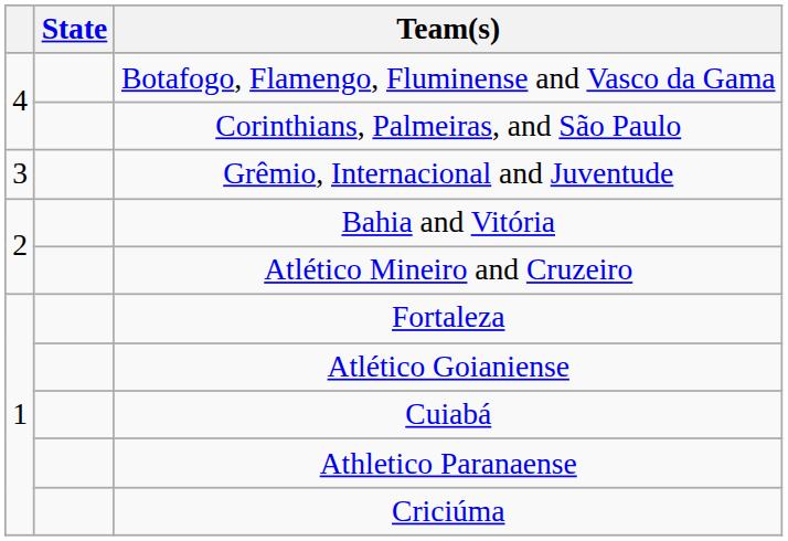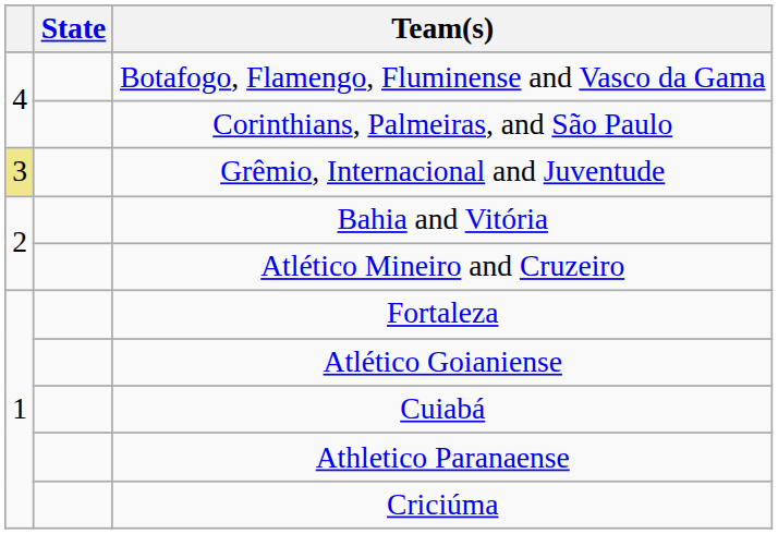 <table class="wikitable" style="text-align:center">
 <tr>
 <th></th>
 <th><a href='#'>State</a></th>
 <th>Team(s)</th>
 </tr>
 <tr>
 <td rowspan=2>4</td>
 <td align=left></td>
 <td><a href='#'>Botafogo</a>, <a href='#'>Flamengo</a>, <a href='#'>Fluminense</a> and <a href='#'>Vasco da Gama</a></td>
 </tr>
 <tr>
 <td align=left></td>
 <td><a href='#'>Corinthians</a>, <a href='#'>Palmeiras</a>,  and <a href='#'>São Paulo</a></td>
 </tr>
 <tr>
-<td>3</td>
+<td style="background: khaki;">3</td>
 <td align=left></td>
 <td><a href='#'>Grêmio</a>, <a href='#'>Internacional</a> and <a href='#'>Juventude</a></td>
 </tr>
 <tr>
 <td rowspan=2>2</td>
 <td align=left></td>
 <td><a href='#'>Bahia</a> and <a href='#'>Vitória</a></td>
 </tr>
 <tr>
 <td align=left></td>
 <td><a href='#'>Atlético Mineiro</a> and <a href='#'>Cruzeiro</a></td>
 </tr>
 <tr>
 <td rowspan=5>1</td>
 <td align=left></td>
 <td><a href='#'>Fortaleza</a></td>
 </tr>
 <tr>
 <td align=left></td>
 <td><a href='#'>Atlético Goianiense</a></td>
 </tr>
 <tr>
 <td align=left></td>
 <td><a href='#'>Cuiabá</a></td>
 </tr>
 <tr>
 <td align=left></td>
 <td><a href='#'>Athletico Paranaense</a></td>
 </tr>
 <tr>
 <td align=left></td>
 <td><a href='#'>Criciúma</a></td>
 </tr>
 </table>
